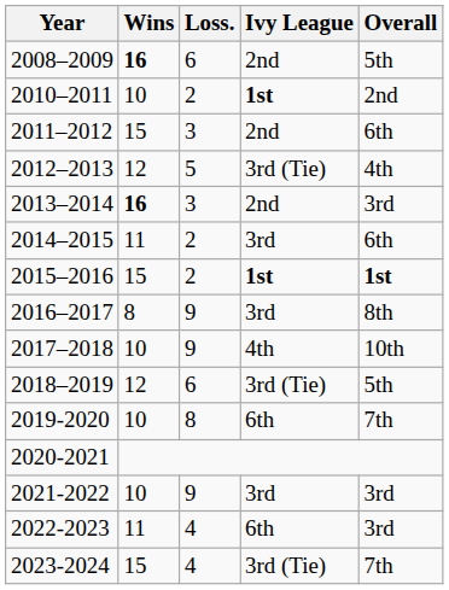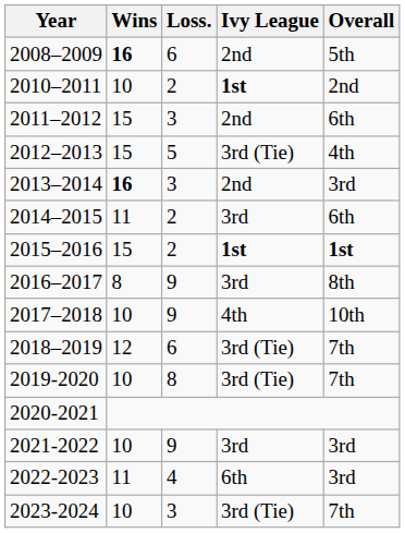 <table class="wikitable">
 <tr>
 <th width=px>Year</th>
 <th width=px>Wins</th>
 <th width=px>Loss.</th>
 <th width=px>Ivy League</th>
 <th width=px>Overall</th>
 </tr>
 <tr>
 <td>2008–2009</td>
 <td><strong>16</strong></td>
 <td>6</td>
 <td>2nd</td>
 <td>5th</td>
 </tr>
 <tr>
 <td>2010–2011</td>
 <td>10</td>
 <td>2</td>
 <td><strong>1st</strong></td>
 <td>2nd</td>
 </tr>
 <tr>
 <td>2011–2012</td>
 <td>15</td>
 <td>3</td>
 <td>2nd</td>
 <td>6th</td>
 </tr>
 <tr>
 <td>2012–2013</td>
-<td>12</td>
+<td>15</td>
 <td>5</td>
 <td>3rd (Tie)</td>
 <td>4th</td>
 </tr>
 <tr>
 <td>2013–2014</td>
 <td><strong>16</strong></td>
 <td>3</td>
 <td>2nd</td>
 <td>3rd</td>
 </tr>
 <tr>
 <td>2014–2015</td>
 <td>11</td>
 <td>2</td>
 <td>3rd</td>
 <td>6th</td>
 </tr>
 <tr>
 <td>2015–2016</td>
 <td>15</td>
 <td>2</td>
 <td><strong>1st</strong></td>
 <td><strong>1st</strong></td>
 </tr>
 <tr>
 <td>2016–2017</td>
 <td>8</td>
 <td>9</td>
 <td>3rd</td>
 <td>8th</td>
 </tr>
 <tr>
 <td>2017–2018</td>
 <td>10</td>
 <td>9</td>
 <td>4th</td>
 <td>10th</td>
 </tr>
 <tr>
 <td>2018–2019</td>
 <td>12</td>
 <td>6</td>
 <td>3rd (Tie)</td>
-<td>5th</td>
+<td>7th</td>
 </tr>
 <tr>
 <td>2019-2020</td>
 <td>10</td>
 <td>8</td>
-<td>6th</td>
+<td>3rd (Tie)</td>
 <td>7th</td>
 </tr>
 <tr>
 <td>2020-2021</td>
 <td colspan=4></td>
 </tr>
 <tr>
 <td>2021-2022</td>
 <td>10</td>
 <td>9</td>
 <td>3rd</td>
 <td>3rd</td>
 </tr>
 <tr>
 <td>2022-2023</td>
 <td>11</td>
 <td>4</td>
 <td>6th</td>
 <td>3rd</td>
 </tr>
 <tr>
 <td>2023-2024</td>
-<td>15</td>
-<td>4</td>
+<td>10</td>
+<td>3</td>
 <td>3rd (Tie)</td>
 <td>7th</td>
 </tr>
 </table>
